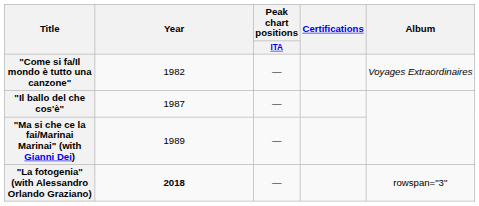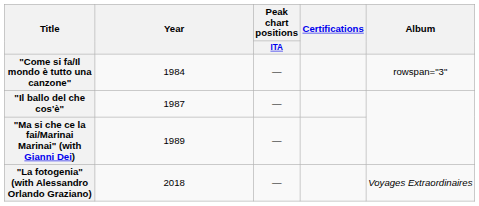 <table class="wikitable plainrowheaders" style="text-align:center;">
 <tr>
 <th scope="col" rowspan="2" style="width:9em;">Title</th>
 <th scope="col" rowspan="2" style="width:16em;">Year</th>
 <th scope="col">Peak chart positions</th>
 <th scope="col" rowspan="2"><a href='#'>Certifications</a></th>
 <th scope="col" rowspan="2">Album</th>
 </tr>
 <tr>
 <th scope="col" style="width:3em;font-size:85%;"><a href='#'>ITA</a></th>
 </tr>
 <tr>
 <th scope="row">"Come si fa/Il mondo è tutto una canzone"</th>
-<td>1982</td>
+<td>1984</td>
 <td>—</td>
 <td></td>
-<td><em>Voyages Extraordinaires</em></td>
+<td>rowspan="3" </td>
 </tr>
 <tr>
 <th scope="row">"Il ballo del che cos'è"</th>
 <td>1987</td>
 <td>—</td>
 <td></td>
 </tr>
 <tr>
 <th scope="row">"Ma si che ce la fai/Marinai Marinai" (with <a href='#'>Gianni Dei</a>)</th>
 <td>1989</td>
 <td>—</td>
 <td></td>
 </tr>
 <tr>
 <th scope="row">"La fotogenia" (with Alessandro Orlando Graziano)</th>
-<td><strong>2018</strong></td>
+<td>2018</td>
 <td>—</td>
 <td></td>
-<td>rowspan="3" </td>
+<td><em>Voyages Extraordinaires</em></td>
 </tr>
 </table>
